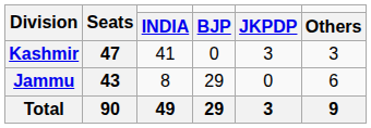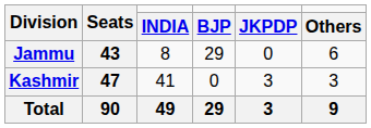 <table class="wikitable" style="text-align:center;">
 <tr>
 <th rowspan="2">Division</th>
 <th rowspan="2">Seats</th>
 <td></td>
 <td></td>
 <td></td>
 <td></td>
 </tr>
 <tr>
 <th><a href='#'>INDIA</a></th>
 <th><a href='#'>BJP</a></th>
 <th><a href='#'>JKPDP</a></th>
 <th>Others</th>
 </tr>
 <tr>
+<th><a href='#'>Jammu</a></th>
+<th>43</th>
+<td style="text-align:center;">8</td>
+<td style="text-align:center;" style="background:">29</td>
+<td style="text-align:center;">0</td>
+<td style="text-align:center;">6</td>
+</tr>
+<tr>
 <th><a href='#'>Kashmir</a></th>
 <th>47</th>
 <td style="text-align:center;" style="background:">41</td>
 <td style="text-align:center;">0</td>
 <td style="text-align:center;">3</td>
 <td style="text-align:center;">3</td>
-</tr>
-<tr>
-<th><a href='#'>Jammu</a></th>
-<th>43</th>
-<td style="text-align:center;">8</td>
-<td style="text-align:center;" style="background:">29</td>
-<td style="text-align:center;">0</td>
-<td style="text-align:center;">6</td>
 </tr>
 <tr>
 <th>Total</th>
 <th>90</th>
 <th style="background:">49</th>
 <th>29</th>
 <th>3</th>
 <th>9</th>
 </tr>
 </table>
